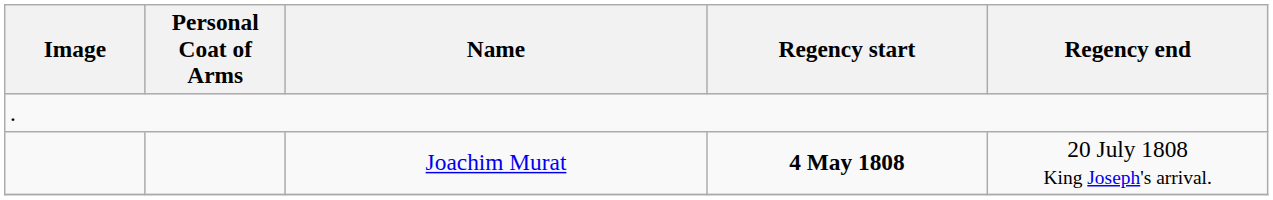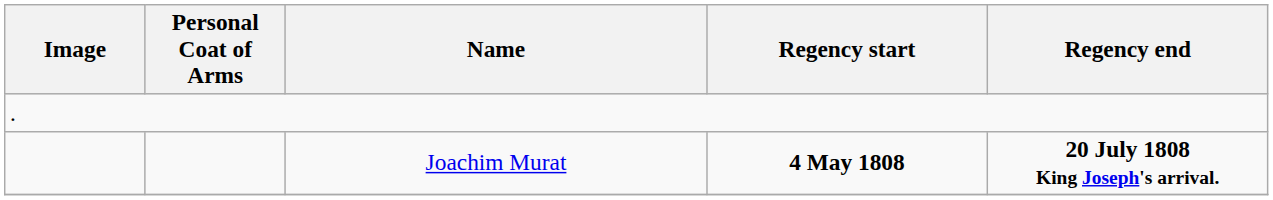 <table width=98% class="wikitable">
 <tr>
 <th width=10%>Image</th>
 <th width=10%>Personal<br>Coat of Arms</th>
 <th width=30%>Name</th>
 <th width=20%>Regency start</th>
 <th width=20%>Regency end</th>
 </tr>
 <tr>
 <td colspan=5>.</td>
 </tr>
 <tr>
 <td align="center"></td>
 <td align="center"></td>
 <td align="center"><a href='#'>Joachim Murat</a></td>
 <td align="center"><strong>4 May 1808</strong></td>
-<td align="center">20 July 1808<br><small>King <a href='#'>Joseph</a>'s arrival.</small></td>
+<td align="center"><strong>20 July 1808<br><small>King <a href='#'>Joseph</a>'s arrival.</small></strong></td>
 </tr>
 <tr>
 </tr>
 </table>
